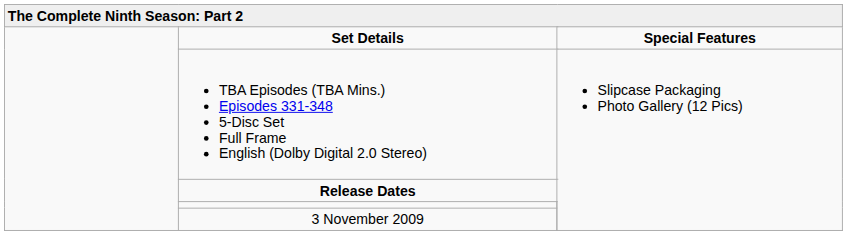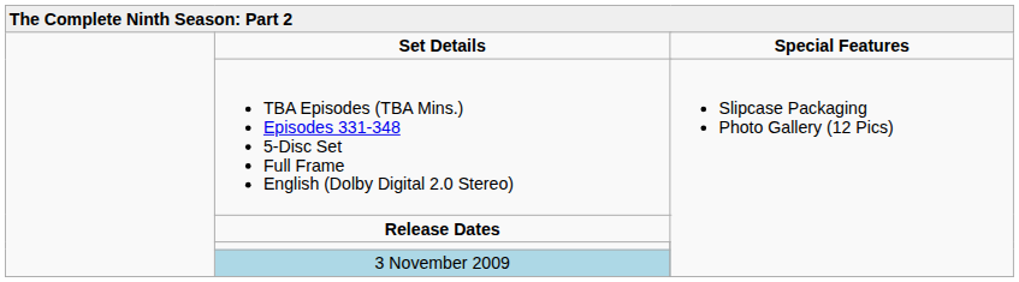 <table class="wikitable" style="font-size: 95%;">
 <tr style="background:#EFEFEF">
 <td colspan="5"><strong>The Complete Ninth Season: Part 2</strong></td>
 </tr>
 <tr>
 <td rowspan="6" align="center" width="180"></td>
 <td align="center" width="350" colspan="3"><strong>Set Details</strong></td>
 <td width="250" align="center"><strong>Special Features</strong></td>
 </tr>
 <tr valign="top">
 <td colspan="3" align="left" width="400"><br><ul><li>TBA Episodes (TBA Mins.)</li><li><a href='#'>Episodes 331-348</a></li><li>5-Disc Set</li><li>Full Frame</li><li>English (Dolby Digital 2.0 Stereo)</li></ul></td>
 <td rowspan="4" align="left" width="300"><br><ul><li>Slipcase Packaging</li><li>Photo Gallery (12 Pics)</li></ul></td>
 </tr>
 <tr>
 <td colspan="3" align="center"><strong>Release Dates</strong></td>
 </tr>
 <tr>
 <td align="center"></td>
 </tr>
 <tr>
-<td align="center">3 November 2009</td>
+<td align="center" style="background: lightblue;">3 November 2009</td>
 </tr>
 </table>
